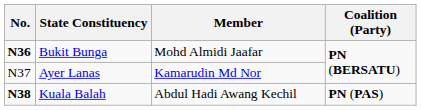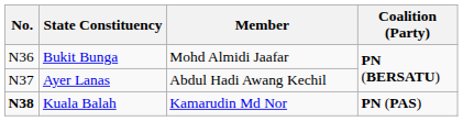 <table class="wikitable">
 <tr>
 <th width="30">No.</th>
 <th width="130">State Constituency</th>
 <th width="200">Member</th>
 <th width="100">Coalition (Party)</th>
 </tr>
 <tr>
-<td><strong>N36</strong></td>
+<td>N36</td>
 <td><a href='#'>Bukit Bunga</a></td>
 <td>Mohd Almidi Jaafar</td>
 <td rowspan=2 style="background:"><strong>PN</strong> (<strong>BERSATU</strong>)</td>
 </tr>
 <tr>
 <td>N37</td>
 <td><a href='#'>Ayer Lanas</a></td>
-<td><a href='#'>Kamarudin Md Nor</a></td>
+<td>Abdul Hadi Awang Kechil</td>
 </tr>
 <tr>
 <td><strong>N38</strong></td>
 <td><a href='#'>Kuala Balah</a></td>
-<td>Abdul Hadi Awang Kechil</td>
+<td><a href='#'>Kamarudin Md Nor</a></td>
 <td style="background:"><strong>PN</strong> (<strong>PAS</strong>)</td>
 </tr>
 </table>
